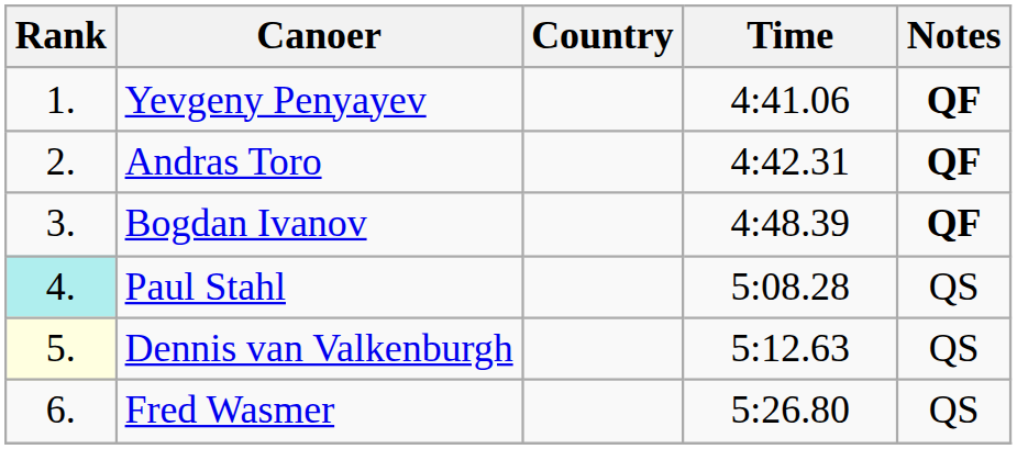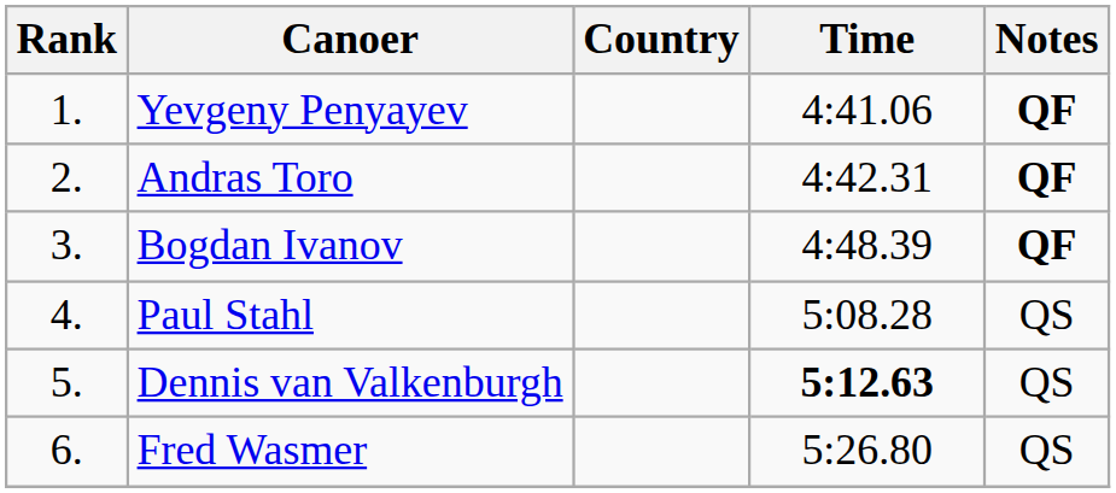 <table class="wikitable sortable" style="text-align:center">
 <tr>
 <th>Rank</th>
 <th>Canoer</th>
 <th>Country</th>
 <th>Time</th>
 <th>Notes</th>
 </tr>
 <tr>
 <td>1.</td>
 <td align=left athlete><a href='#'>Yevgeny Penyayev</a></td>
 <td align=left></td>
 <td width=80>4:41.06</td>
 <td><strong>QF</strong></td>
 </tr>
 <tr>
 <td>2.</td>
 <td align=left athlete><a href='#'>Andras Toro</a></td>
 <td align=left></td>
 <td>4:42.31</td>
 <td><strong>QF</strong></td>
 </tr>
 <tr>
 <td>3.</td>
 <td align=left athlete><a href='#'>Bogdan Ivanov</a></td>
 <td align=left></td>
 <td>4:48.39</td>
 <td><strong>QF</strong></td>
 </tr>
 <tr>
-<td style="background: paleturquoise;">4.</td>
+<td>4.</td>
 <td align=left athlete><a href='#'>Paul Stahl</a></td>
 <td align=left></td>
 <td>5:08.28</td>
 <td>QS</td>
 </tr>
 <tr>
-<td style="background: lightyellow;">5.</td>
+<td>5.</td>
 <td align=left athlete><a href='#'>Dennis van Valkenburgh</a></td>
 <td align=left></td>
-<td>5:12.63</td>
+<td><strong>5:12.63</strong></td>
 <td>QS</td>
 </tr>
 <tr>
 <td>6.</td>
 <td align=left athlete><a href='#'>Fred Wasmer</a></td>
 <td align=left></td>
 <td>5:26.80</td>
 <td>QS</td>
 </tr>
 <tr>
 </tr>
 </table>
